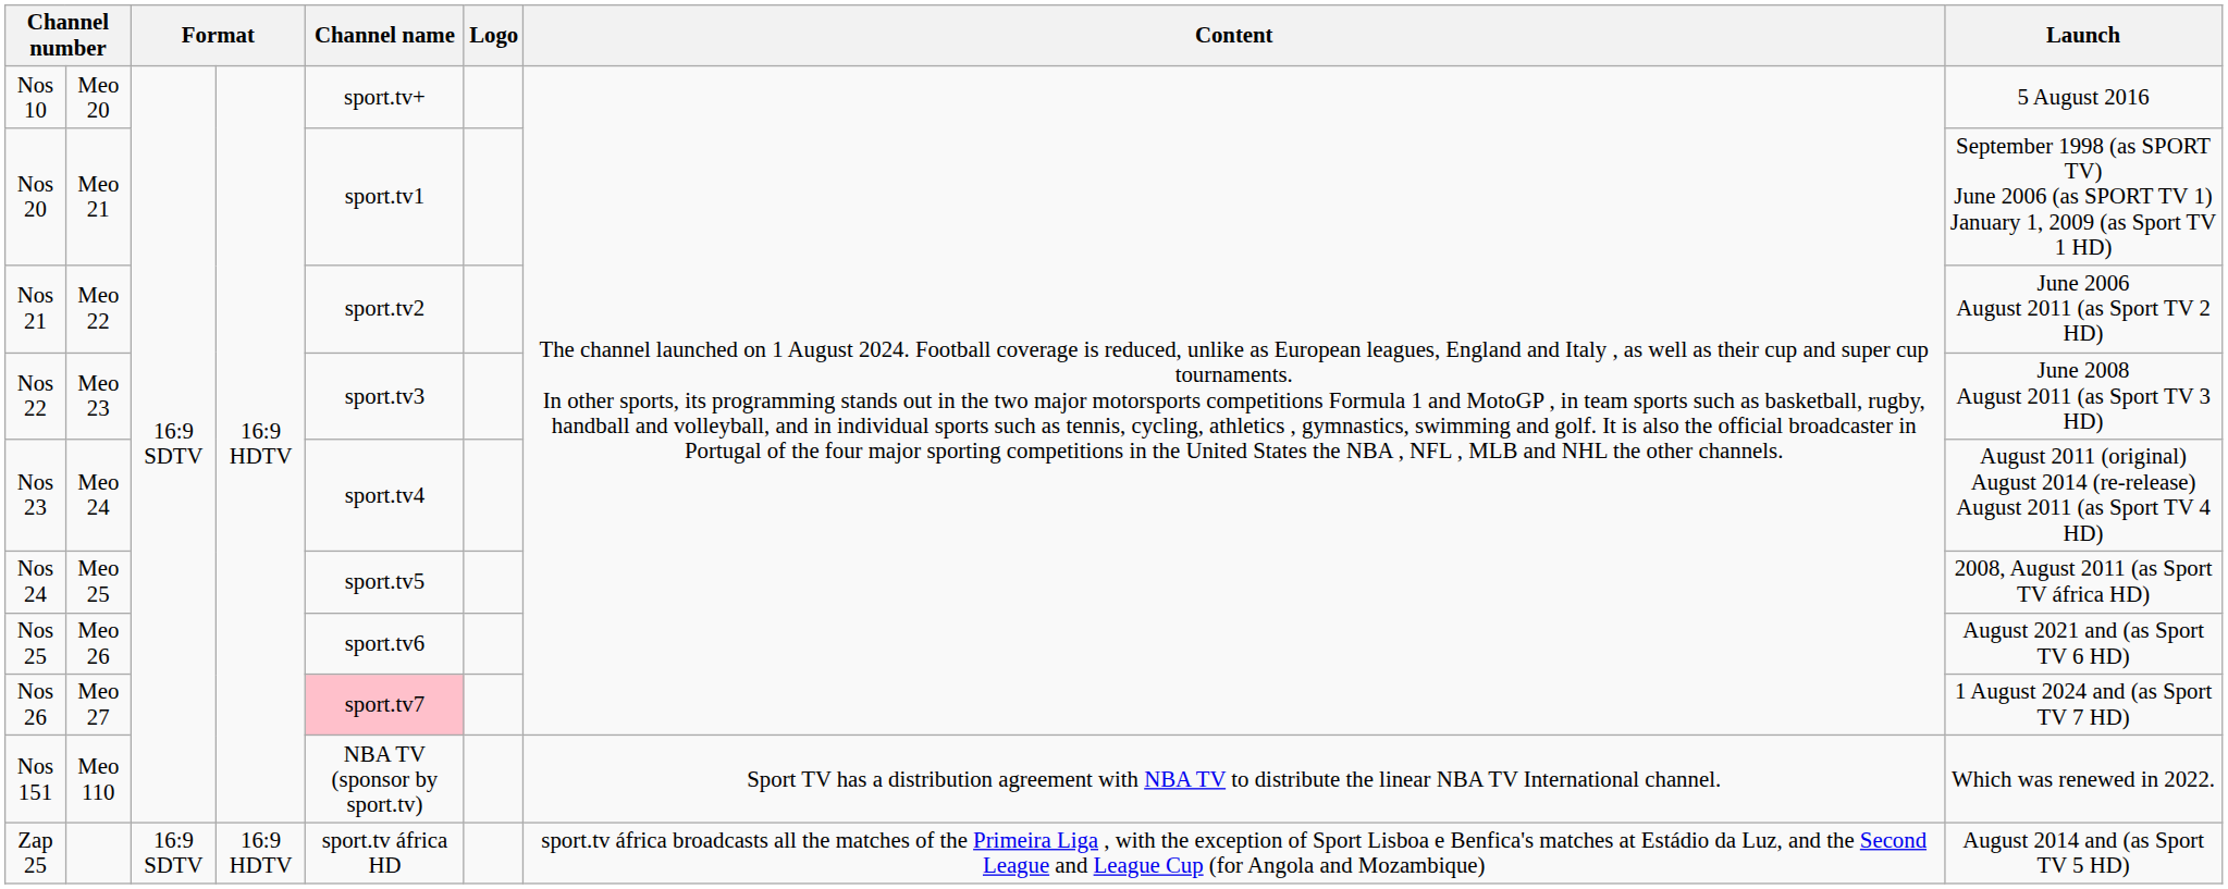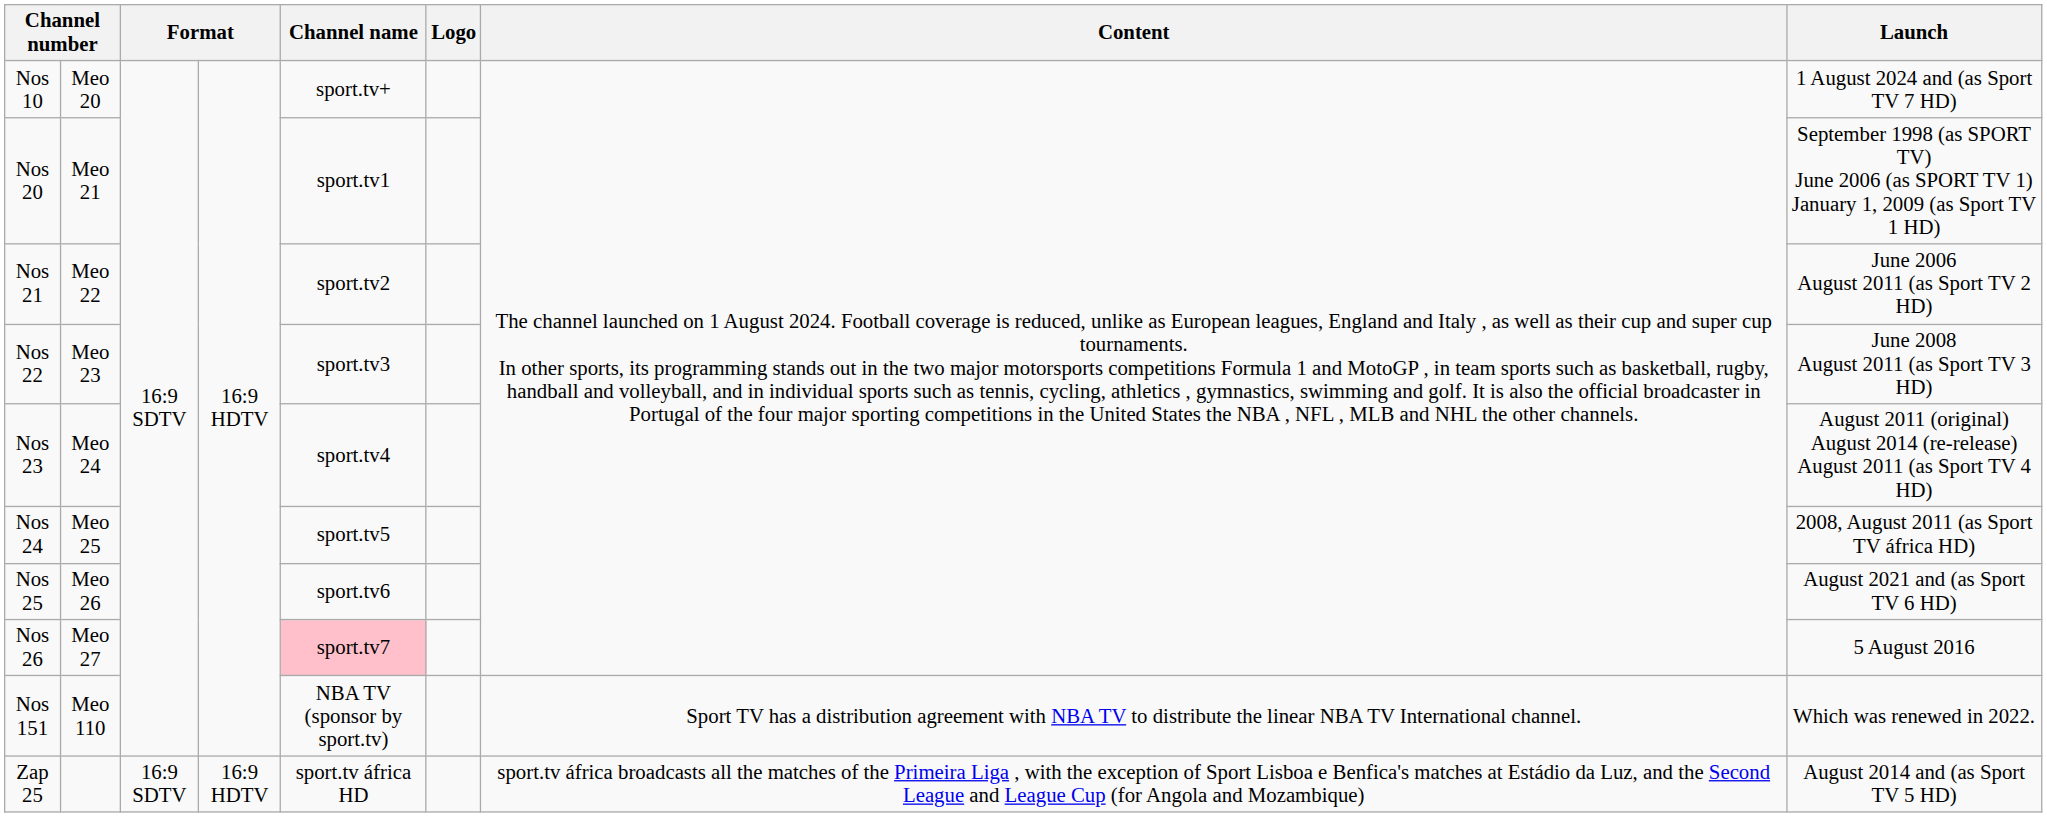 <table class="wikitable" style="text-align: center; style:text-align: center">
 <tr>
 <th colspan = "2">Channel number</th>
 <th colspan = "2">Format</th>
 <th>Channel name</th>
 <th>Logo</th>
 <th>Content</th>
 <th>Launch</th>
 </tr>
 <tr>
 <td>Nos 10</td>
 <td>Meo 20</td>
 <td rowspan = "9">16:9 SDTV</td>
 <td rowspan = "9">16:9 HDTV</td>
 <td>sport.tv+</td>
 <td></td>
 <td rowspan = "8">The channel launched on 1 August 2024. Football coverage is reduced, unlike as European leagues, England and Italy , as well as their cup and super cup tournaments.<br>In other sports, its programming stands out in the two major motorsports competitions Formula 1 and MotoGP , in team sports such as basketball, rugby, handball and volleyball, and in individual sports such as tennis, cycling, athletics , gymnastics, swimming and golf. It is also the official broadcaster in Portugal of the four major sporting competitions in the United States the NBA , NFL , MLB and NHL the other channels.</td>
-<td>5 August 2016</td>
+<td>1 August 2024 and (as Sport TV 7 HD)</td>
 </tr>
 <tr>
 <td>Nos 20</td>
 <td>Meo 21</td>
 <td>sport.tv1</td>
 <td></td>
 <td>September 1998 (as SPORT TV)<br>June 2006 (as SPORT TV 1) January 1, 2009 (as Sport TV 1 HD)</td>
 </tr>
 <tr>
 <td>Nos 21</td>
 <td>Meo 22</td>
 <td>sport.tv2</td>
 <td></td>
 <td>June 2006<br>August 2011 (as Sport TV 2 HD)</td>
 </tr>
 <tr>
 <td>Nos 22</td>
 <td>Meo 23</td>
 <td>sport.tv3</td>
 <td></td>
 <td>June 2008<br>August 2011 (as Sport TV 3 HD)</td>
 </tr>
 <tr>
 <td>Nos 23</td>
 <td>Meo 24</td>
 <td>sport.tv4</td>
 <td></td>
 <td>August 2011 (original)<br>August 2014 (re-release) August 2011 (as Sport TV 4 HD)</td>
 </tr>
 <tr>
 <td>Nos 24</td>
 <td>Meo 25</td>
 <td>sport.tv5</td>
 <td></td>
 <td>2008,  August 2011 (as Sport TV áfrica HD)</td>
 </tr>
 <tr>
 <td>Nos 25</td>
 <td>Meo 26</td>
 <td>sport.tv6</td>
 <td></td>
 <td>August 2021 and (as Sport TV 6 HD)</td>
 </tr>
 <tr>
 <td>Nos 26</td>
 <td>Meo 27</td>
 <td style="background: pink;">sport.tv7</td>
 <td></td>
-<td>1 August 2024 and (as Sport TV 7 HD)</td>
+<td>5 August 2016</td>
 </tr>
 <tr>
 <td>Nos 151</td>
 <td>Meo 110</td>
 <td>NBA TV (sponsor by sport.tv)</td>
 <td></td>
 <td>Sport TV has a distribution agreement with <a href='#'>NBA TV</a> to distribute the linear NBA TV International channel.</td>
 <td>Which was renewed in 2022.</td>
 </tr>
 <tr>
 <td>Zap 25</td>
 <td></td>
 <td>16:9 SDTV</td>
 <td>16:9 HDTV</td>
 <td>sport.tv áfrica HD</td>
 <td></td>
 <td>sport.tv áfrica broadcasts all the matches of the <a href='#'>Primeira Liga</a> , with the exception of Sport Lisboa e Benfica's matches at Estádio da Luz, and the <a href='#'>Second League</a> and <a href='#'>League Cup</a> (for Angola and Mozambique)</td>
 <td>August 2014 and (as Sport TV 5 HD)</td>
 </tr>
 </table>
